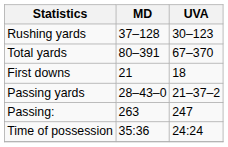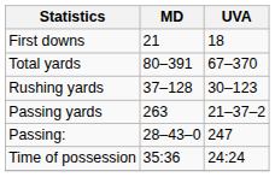 <table class="wikitable" style="float: left;">
 <tr>
 <th>Statistics</th>
 <th>MD</th>
 <th>UVA</th>
 </tr>
 <tr>
-<td>Rushing yards</td>
-<td>37–128</td>
-<td>30–123</td>
+<td>First downs</td>
+<td>21</td>
+<td>18</td>
 </tr>
 <tr>
 <td>Total yards</td>
 <td>80–391</td>
 <td>67–370</td>
 </tr>
 <tr>
-<td>First downs</td>
-<td>21</td>
-<td>18</td>
+<td>Rushing yards</td>
+<td>37–128</td>
+<td>30–123</td>
 </tr>
 <tr>
 <td>Passing yards</td>
-<td>28–43–0</td>
+<td>263</td>
 <td>21–37–2</td>
 </tr>
 <tr>
 <td>Passing:</td>
-<td>263</td>
+<td>28–43–0</td>
 <td>247</td>
 </tr>
 <tr>
 <td>Time of possession</td>
 <td>35:36</td>
 <td>24:24</td>
 </tr>
 <tr>
 </tr>
 </table>
